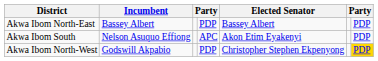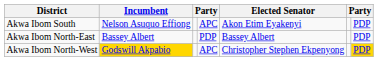 <table class="sortable wikitable" style="font-size:95%;line-height:14px;">
 <tr>
 <th class="unsortable">District</th>
 <th class="unsortable"><a href='#'>Incumbent</a></th>
 <th colspan="2">Party</th>
 <th class="unsortable">Elected Senator</th>
 <th colspan="2">Party</th>
+</tr>
+<tr>
+<td>Akwa Ibom South</td>
+<td><a href='#'>Nelson Asuquo Effiong</a></td>
+<td style="background:"></td>
+<td><a href='#'>APC</a></td>
+<td><a href='#'>Akon Etim Eyakenyi</a></td>
+<td style="background:"></td>
+<td><a href='#'>PDP</a></td>
 </tr>
 <tr>
 <td>Akwa Ibom North-East</td>
 <td><a href='#'>Bassey Albert</a></td>
 <td style="background:"></td>
 <td><a href='#'>PDP</a></td>
 <td><a href='#'>Bassey Albert</a></td>
 <td style="background:"></td>
 <td><a href='#'>PDP</a></td>
 </tr>
 <tr>
-<td>Akwa Ibom South</td>
-<td><a href='#'>Nelson Asuquo Effiong</a></td>
+<td>Akwa Ibom North-West</td>
+<td style="background: gold;"><a href='#'>Godswill Akpabio</a></td>
 <td style="background:"></td>
 <td><a href='#'>APC</a></td>
-<td><a href='#'>Akon Etim Eyakenyi</a></td>
-<td style="background:"></td>
-<td><a href='#'>PDP</a></td>
-</tr>
-<tr>
-<td>Akwa Ibom North-West</td>
-<td><a href='#'>Godswill Akpabio</a></td>
-<td style="background:"></td>
-<td><a href='#'>PDP</a></td>
 <td><a href='#'>Christopher Stephen Ekpenyong</a></td>
 <td style="background:"></td>
 <td style="background: gold;"><a href='#'>PDP</a></td>
 </tr>
 </table>
